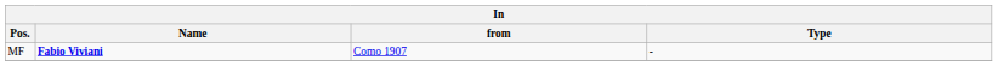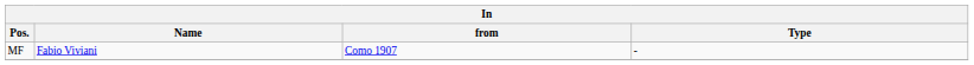 <table class="wikitable" style="font-size:90%;width:99%;">
 <tr>
 <th colspan="4">In</th>
 </tr>
 <tr>
 <th width=3%>Pos.</th>
 <th width=32%>Name</th>
 <th width=30%>from</th>
 <th width=35%>Type</th>
 </tr>
 <tr>
 <td>MF</td>
-<td><strong><a href='#'>Fabio Viviani</a></strong></td>
+<td><a href='#'>Fabio Viviani</a></td>
 <td><a href='#'>Como 1907</a></td>
 <td>-</td>
 </tr>
 <tr>
 </tr>
 </table>
